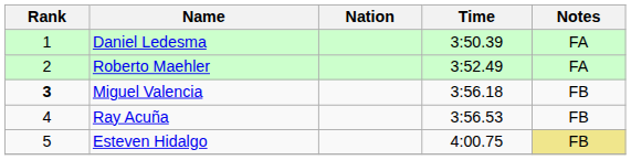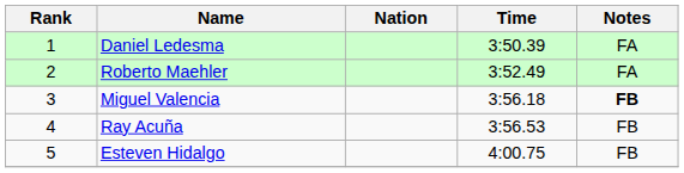 <table class="wikitable sortable" style="text-align:center" width=50%>
 <tr>
 <th>Rank</th>
 <th>Name</th>
 <th>Nation</th>
 <th>Time</th>
 <th>Notes</th>
 </tr>
 <tr bgcolor=ccffcc>
 <td>1</td>
 <td align=left><a href='#'>Daniel Ledesma</a></td>
 <td align=left></td>
 <td>3:50.39</td>
 <td>FA</td>
 </tr>
 <tr bgcolor=ccffcc>
 <td>2</td>
 <td align=left><a href='#'>Roberto Maehler</a></td>
 <td align=left></td>
 <td>3:52.49</td>
 <td>FA</td>
 </tr>
 <tr>
-<td><strong>3</strong></td>
+<td>3</td>
 <td align=left><a href='#'>Miguel Valencia</a></td>
 <td align=left></td>
 <td>3:56.18</td>
-<td>FB</td>
+<td><strong>FB</strong></td>
 </tr>
 <tr>
 <td>4</td>
 <td align=left><a href='#'>Ray Acuña</a></td>
 <td align=left></td>
 <td>3:56.53</td>
 <td>FB</td>
 </tr>
 <tr>
 <td>5</td>
 <td align=left><a href='#'>Esteven Hidalgo</a></td>
 <td align=left></td>
 <td>4:00.75</td>
-<td style="background: khaki;">FB</td>
+<td>FB</td>
 </tr>
 <tr>
 </tr>
 </table>
